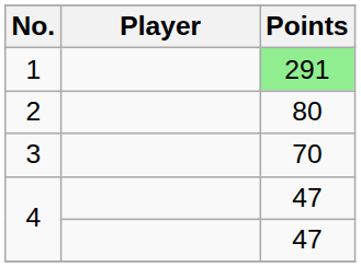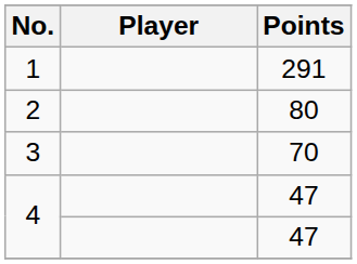 <table class="wikitable sortable" style="text-align:center">
 <tr>
 </tr>
 <tr>
 <th width=25>No.</th>
 <th width=110>Player</th>
 <th width=45>Points</th>
 </tr>
 <tr>
 <td>1</td>
 <td></td>
-<td style="background: lightgreen;">291</td>
+<td>291</td>
 </tr>
 <tr>
 <td>2</td>
 <td></td>
 <td>80</td>
 </tr>
 <tr>
 <td>3</td>
 <td></td>
 <td>70</td>
 </tr>
 <tr>
 <td rowspan=2>4</td>
 <td></td>
 <td>47</td>
 </tr>
 <tr>
 <td></td>
 <td>47</td>
 </tr>
 <tr>
 </tr>
 </table>
